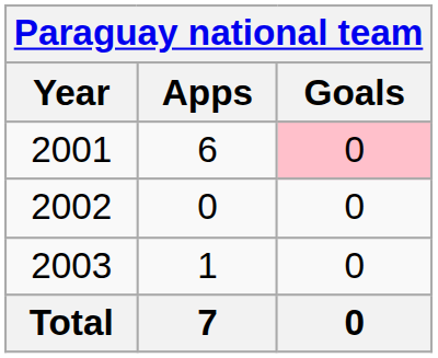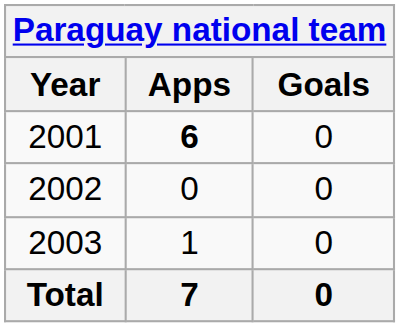 <table class="wikitable" style="text-align:center">
 <tr>
 <th colspan=3><a href='#'>Paraguay national team</a></th>
 </tr>
 <tr>
 <th>Year</th>
 <th>Apps</th>
 <th>Goals</th>
 </tr>
 <tr>
 <td>2001</td>
-<td>6</td>
-<td style="background: pink;">0</td>
+<td><strong>6</strong></td>
+<td>0</td>
 </tr>
 <tr>
 <td>2002</td>
 <td>0</td>
 <td>0</td>
 </tr>
 <tr>
 <td>2003</td>
 <td>1</td>
 <td>0</td>
 </tr>
 <tr>
 <th>Total</th>
 <th>7</th>
 <th>0</th>
 </tr>
 </table>
